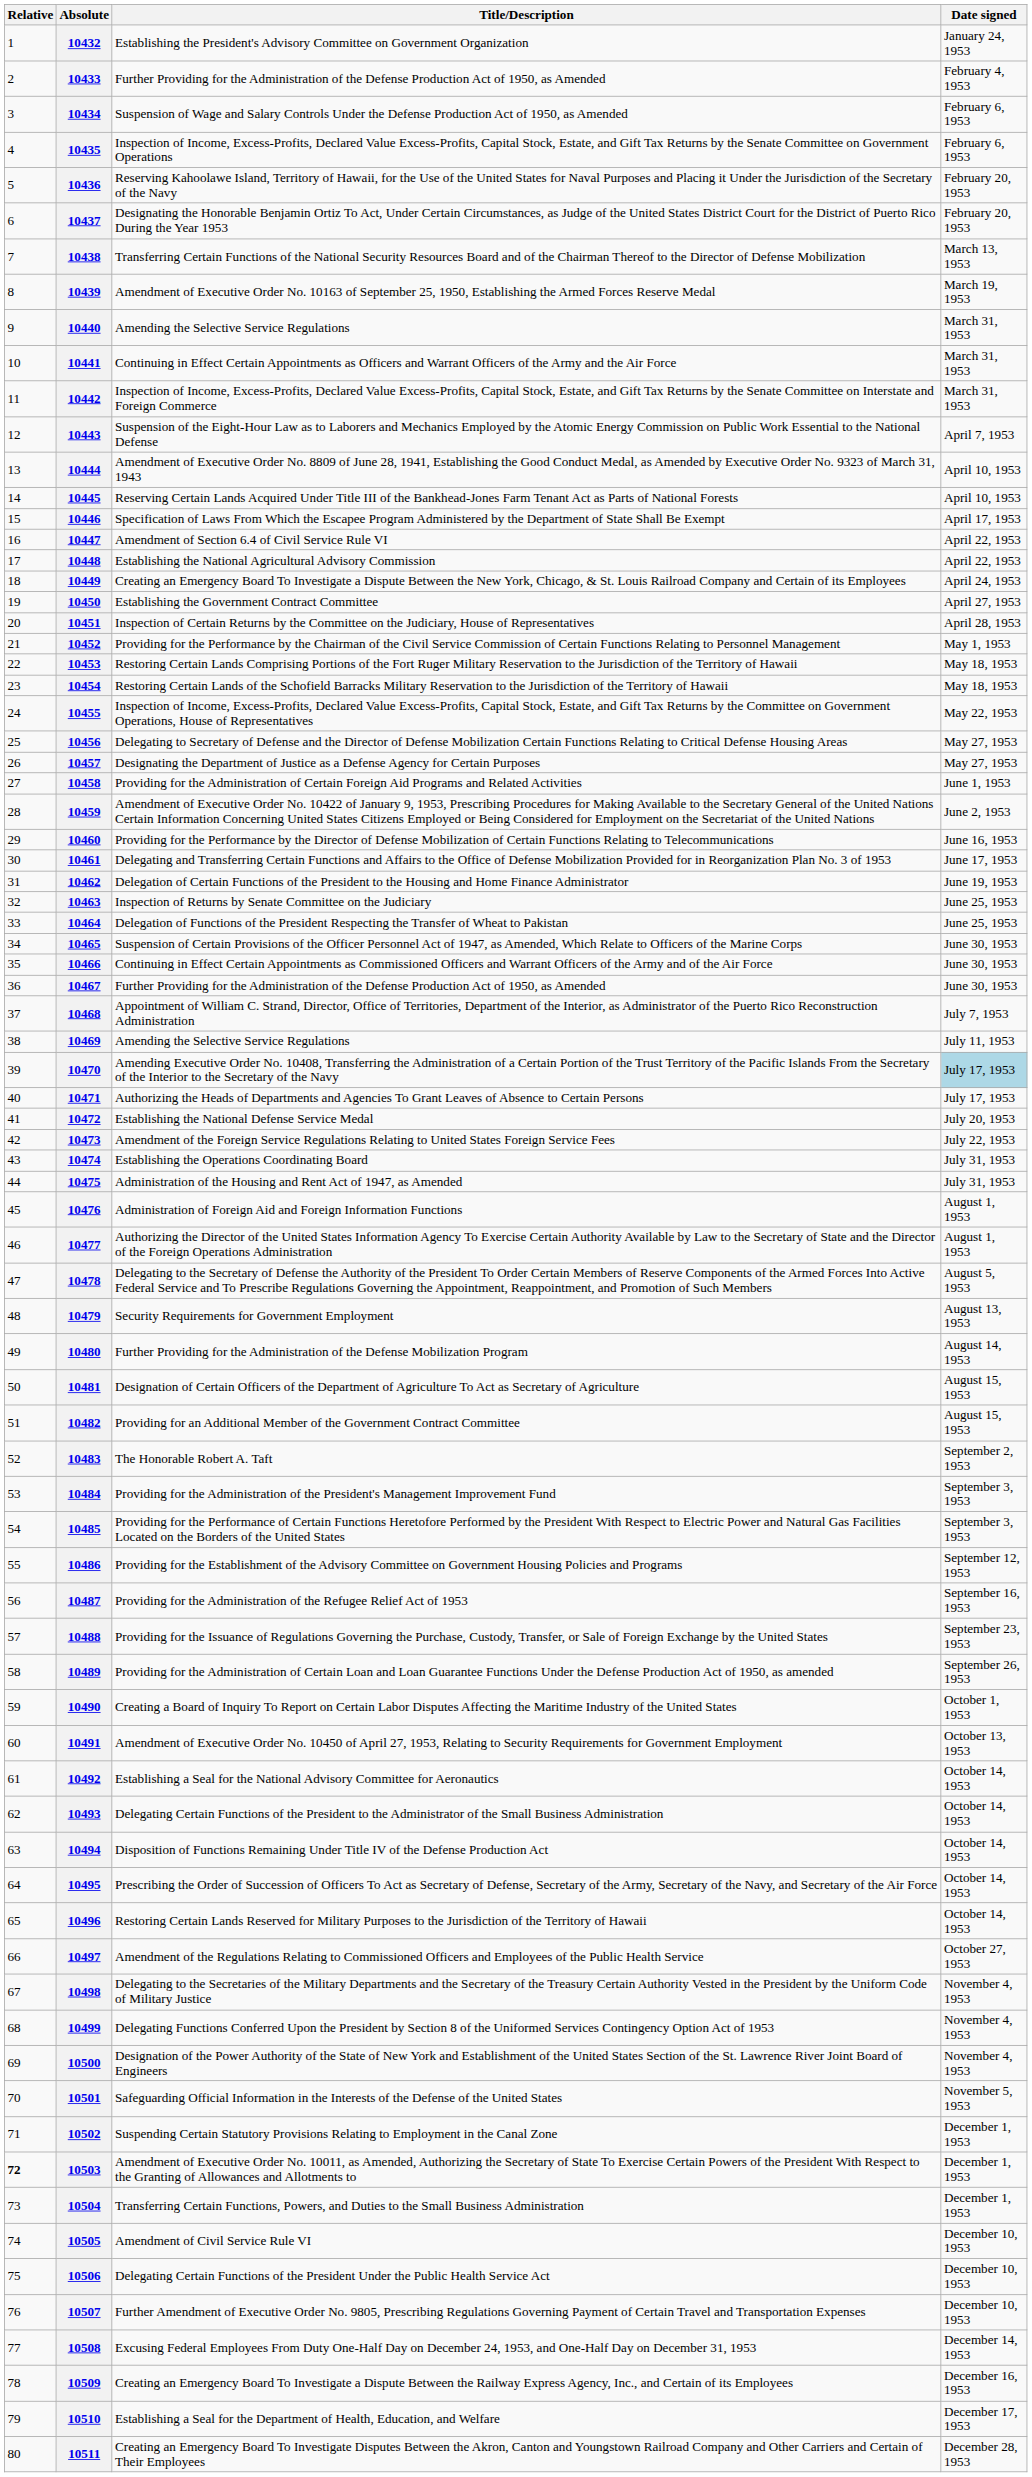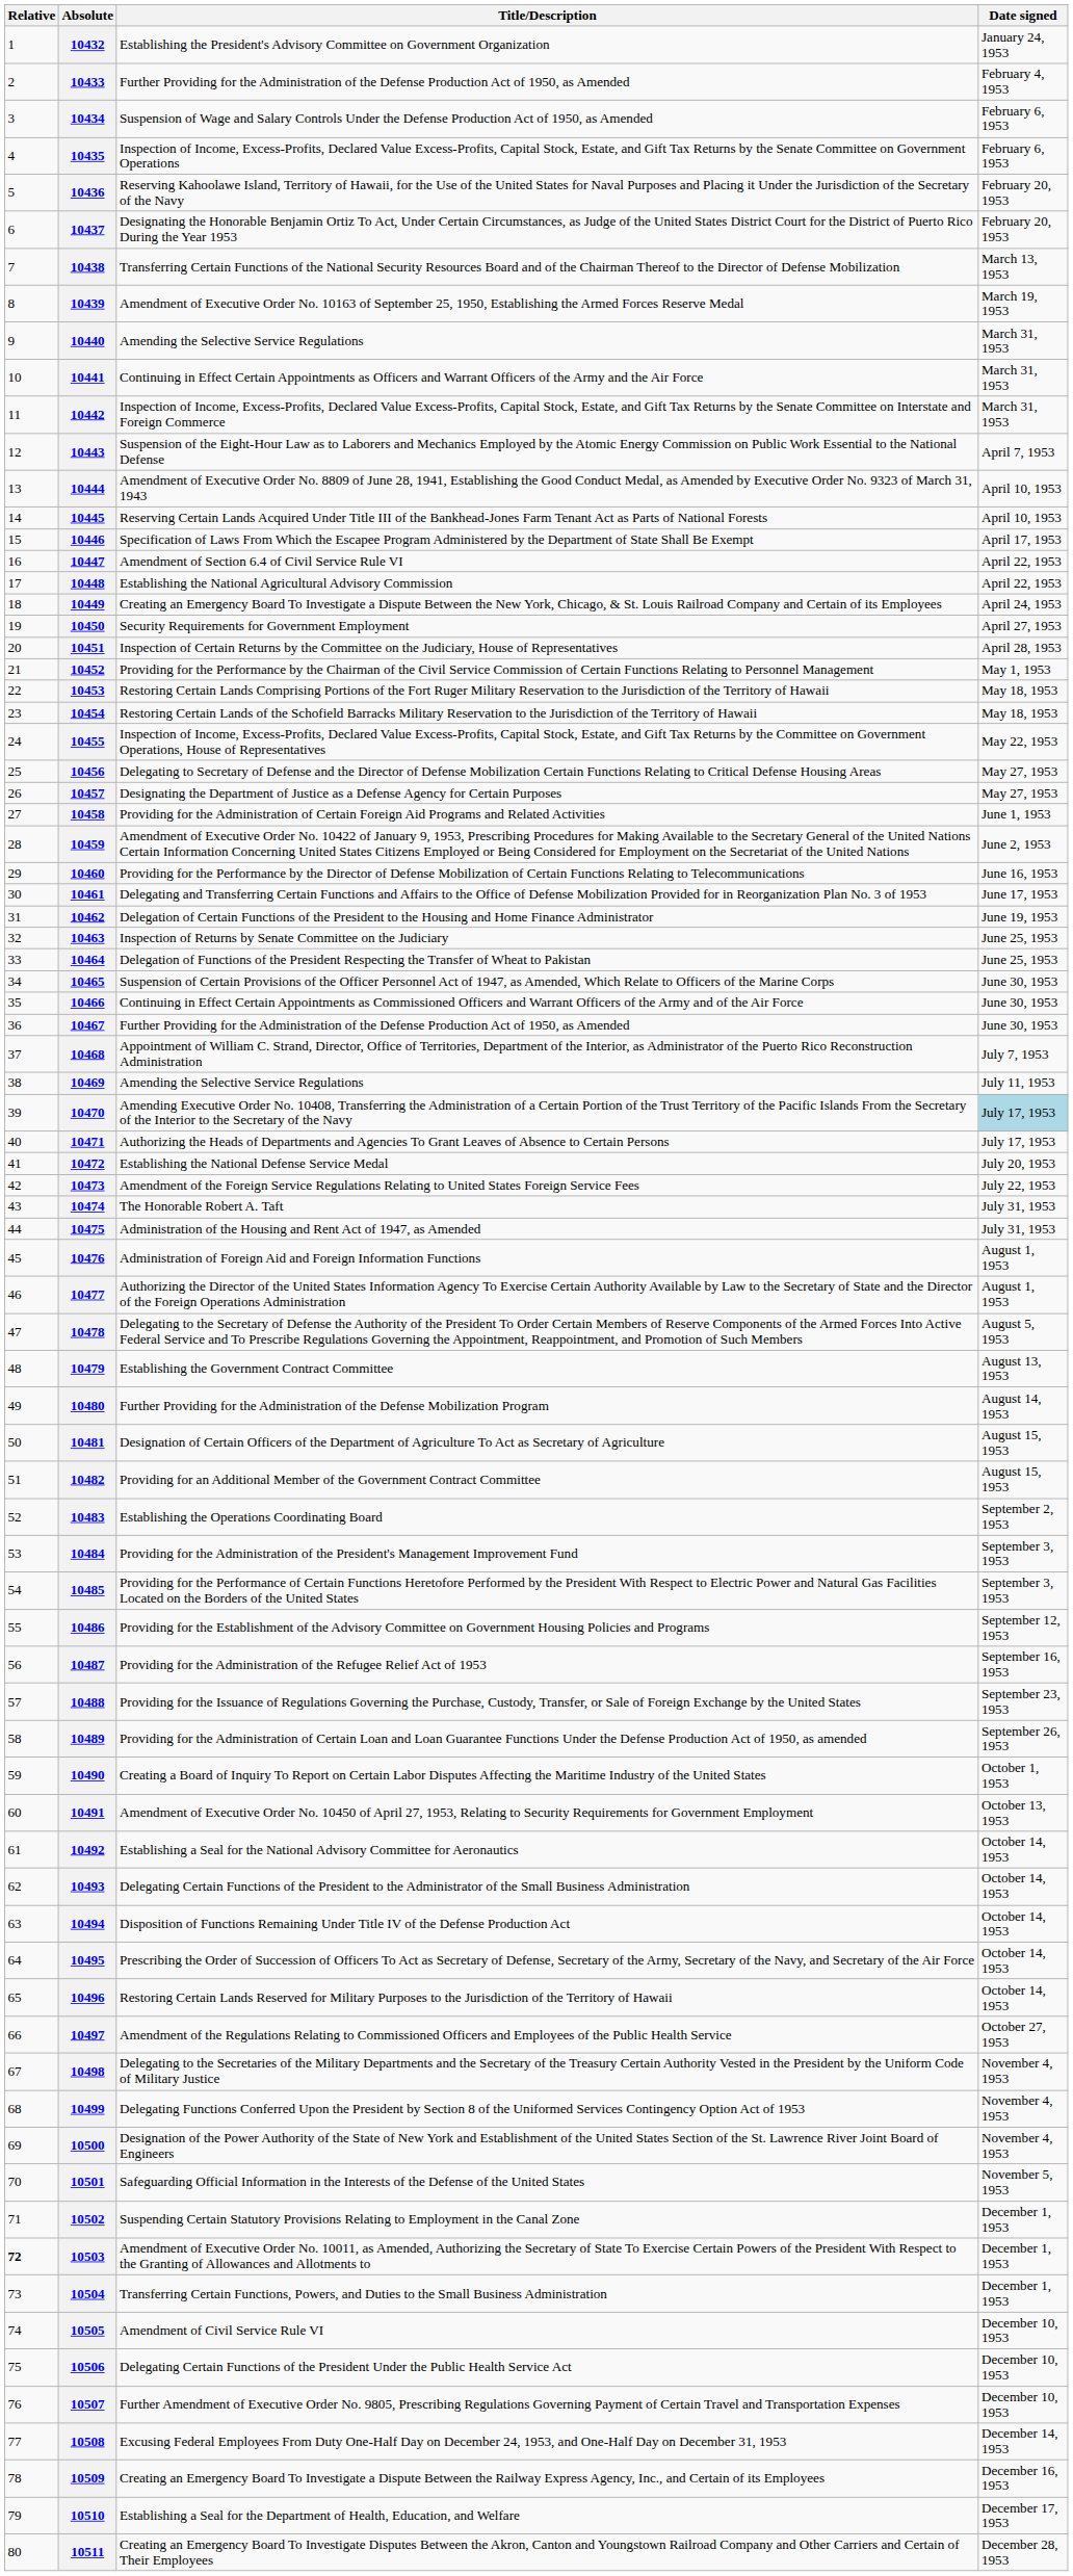 <table class="wikitable">
 <tr>
 <th>Relative </th>
 <th>Absolute </th>
 <th>Title/Description</th>
 <th>Date signed</th>
 </tr>
 <tr>
 <td>1</td>
 <th><a href='#'>10432</a></th>
 <td>Establishing the President's Advisory Committee on Government Organization</td>
 <td>January 24, 1953</td>
 </tr>
 <tr>
 <td>2</td>
 <th><a href='#'>10433</a></th>
 <td>Further Providing for the Administration of the Defense Production Act of 1950, as Amended</td>
 <td>February 4, 1953</td>
 </tr>
 <tr>
 <td>3</td>
 <th><a href='#'>10434</a></th>
 <td>Suspension of Wage and Salary Controls Under the Defense Production Act of 1950, as Amended</td>
 <td>February 6, 1953</td>
 </tr>
 <tr>
 <td>4</td>
 <th><a href='#'>10435</a></th>
 <td>Inspection of Income, Excess-Profits, Declared Value Excess-Profits, Capital Stock, Estate, and Gift Tax Returns by the Senate Committee on Government Operations</td>
 <td>February 6, 1953</td>
 </tr>
 <tr>
 <td>5</td>
 <th><a href='#'>10436</a></th>
 <td>Reserving Kahoolawe Island, Territory of Hawaii, for the Use of the United States for Naval Purposes and Placing it Under the Jurisdiction of the Secretary of the Navy</td>
 <td>February 20, 1953</td>
 </tr>
 <tr>
 <td>6</td>
 <th><a href='#'>10437</a></th>
 <td>Designating the Honorable Benjamin Ortiz To Act, Under Certain Circumstances, as Judge of the United States District Court for the District of Puerto Rico During the Year 1953</td>
 <td>February 20, 1953</td>
 </tr>
 <tr>
 <td>7</td>
 <th><a href='#'>10438</a></th>
 <td>Transferring Certain Functions of the National Security Resources Board and of the Chairman Thereof to the Director of Defense Mobilization</td>
 <td>March 13, 1953</td>
 </tr>
 <tr>
 <td>8</td>
 <th><a href='#'>10439</a></th>
 <td>Amendment of Executive Order No. 10163 of September 25, 1950, Establishing the Armed Forces Reserve Medal</td>
 <td>March 19, 1953</td>
 </tr>
 <tr>
 <td>9</td>
 <th><a href='#'>10440</a></th>
 <td>Amending the Selective Service Regulations</td>
 <td>March 31, 1953</td>
 </tr>
 <tr>
 <td>10</td>
 <th><a href='#'>10441</a></th>
 <td>Continuing in Effect Certain Appointments as Officers and Warrant Officers of the Army and the Air Force</td>
 <td>March 31, 1953</td>
 </tr>
 <tr>
 <td>11</td>
 <th><a href='#'>10442</a></th>
 <td>Inspection of Income, Excess-Profits, Declared Value Excess-Profits, Capital Stock, Estate, and Gift Tax Returns by the Senate Committee on Interstate and Foreign Commerce</td>
 <td>March 31, 1953</td>
 </tr>
 <tr>
 <td>12</td>
 <th><a href='#'>10443</a></th>
 <td>Suspension of the Eight-Hour Law as to Laborers and Mechanics Employed by the Atomic Energy Commission on Public Work Essential to the National Defense</td>
 <td>April 7, 1953</td>
 </tr>
 <tr>
 <td>13</td>
 <th><a href='#'>10444</a></th>
 <td>Amendment of Executive Order No. 8809 of June 28, 1941, Establishing the Good Conduct Medal, as Amended by Executive Order No. 9323 of March 31, 1943</td>
 <td>April 10, 1953</td>
 </tr>
 <tr>
 <td>14</td>
 <th><a href='#'>10445</a></th>
 <td>Reserving Certain Lands Acquired Under Title III of the Bankhead-Jones Farm Tenant Act as Parts of National Forests</td>
 <td>April 10, 1953</td>
 </tr>
 <tr>
 <td>15</td>
 <th><a href='#'>10446</a></th>
 <td>Specification of Laws From Which the Escapee Program Administered by the Department of State Shall Be Exempt</td>
 <td>April 17, 1953</td>
 </tr>
 <tr>
 <td>16</td>
 <th><a href='#'>10447</a></th>
 <td>Amendment of Section 6.4 of Civil Service Rule VI</td>
 <td>April 22, 1953</td>
 </tr>
 <tr>
 <td>17</td>
 <th><a href='#'>10448</a></th>
 <td>Establishing the National Agricultural Advisory Commission</td>
 <td>April 22, 1953</td>
 </tr>
 <tr>
 <td>18</td>
 <th><a href='#'>10449</a></th>
 <td>Creating an Emergency Board To Investigate a Dispute Between the New York, Chicago, & St. Louis Railroad Company and Certain of its Employees</td>
 <td>April 24, 1953</td>
 </tr>
 <tr>
 <td>19</td>
 <th><a href='#'>10450</a></th>
-<td>Establishing the Government Contract Committee</td>
+<td>Security Requirements for Government Employment</td>
 <td>April 27, 1953</td>
 </tr>
 <tr>
 <td>20</td>
 <th><a href='#'>10451</a></th>
 <td>Inspection of Certain Returns by the Committee on the Judiciary, House of Representatives</td>
 <td>April 28, 1953</td>
 </tr>
 <tr>
 <td>21</td>
 <th><a href='#'>10452</a></th>
 <td>Providing for the Performance by the Chairman of the Civil Service Commission of Certain Functions Relating to Personnel Management</td>
 <td>May 1, 1953</td>
 </tr>
 <tr>
 <td>22</td>
 <th><a href='#'>10453</a></th>
 <td>Restoring Certain Lands Comprising Portions of the Fort Ruger Military Reservation to the Jurisdiction of the Territory of Hawaii</td>
 <td>May 18, 1953</td>
 </tr>
 <tr>
 <td>23</td>
 <th><a href='#'>10454</a></th>
 <td>Restoring Certain Lands of the Schofield Barracks Military Reservation to the Jurisdiction of the Territory of Hawaii</td>
 <td>May 18, 1953</td>
 </tr>
 <tr>
 <td>24</td>
 <th><a href='#'>10455</a></th>
 <td>Inspection of Income, Excess-Profits, Declared Value Excess-Profits, Capital Stock, Estate, and Gift Tax Returns by the Committee on Government Operations, House of Representatives</td>
 <td>May 22, 1953</td>
 </tr>
 <tr>
 <td>25</td>
 <th><a href='#'>10456</a></th>
 <td>Delegating to Secretary of Defense and the Director of Defense Mobilization Certain Functions Relating to Critical Defense Housing Areas</td>
 <td>May 27, 1953</td>
 </tr>
 <tr>
 <td>26</td>
 <th><a href='#'>10457</a></th>
 <td>Designating the Department of Justice as a Defense Agency for Certain Purposes</td>
 <td>May 27, 1953</td>
 </tr>
 <tr>
 <td>27</td>
 <th><a href='#'>10458</a></th>
 <td>Providing for the Administration of Certain Foreign Aid Programs and Related Activities</td>
 <td>June 1, 1953</td>
 </tr>
 <tr>
 <td>28</td>
 <th><a href='#'>10459</a></th>
 <td>Amendment of Executive Order No. 10422 of January 9, 1953, Prescribing Procedures for Making Available to the Secretary General of the United Nations Certain Information Concerning United States Citizens Employed or Being Considered for Employment on the Secretariat of the United Nations</td>
 <td>June 2, 1953</td>
 </tr>
 <tr>
 <td>29</td>
 <th><a href='#'>10460</a></th>
 <td>Providing for the Performance by the Director of Defense Mobilization of Certain Functions Relating to Telecommunications</td>
 <td>June 16, 1953</td>
 </tr>
 <tr>
 <td>30</td>
 <th><a href='#'>10461</a></th>
 <td>Delegating and Transferring Certain Functions and Affairs to the Office of Defense Mobilization Provided for in Reorganization Plan No. 3 of 1953</td>
 <td>June 17, 1953</td>
 </tr>
 <tr>
 <td>31</td>
 <th><a href='#'>10462</a></th>
 <td>Delegation of Certain Functions of the President to the Housing and Home Finance Administrator</td>
 <td>June 19, 1953</td>
 </tr>
 <tr>
 <td>32</td>
 <th><a href='#'>10463</a></th>
 <td>Inspection of Returns by Senate Committee on the Judiciary</td>
 <td>June 25, 1953</td>
 </tr>
 <tr>
 <td>33</td>
 <th><a href='#'>10464</a></th>
 <td>Delegation of Functions of the President Respecting the Transfer of Wheat to Pakistan</td>
 <td>June 25, 1953</td>
 </tr>
 <tr>
 <td>34</td>
 <th><a href='#'>10465</a></th>
 <td>Suspension of Certain Provisions of the Officer Personnel Act of 1947, as Amended, Which Relate to Officers of the Marine Corps</td>
 <td>June 30, 1953</td>
 </tr>
 <tr>
 <td>35</td>
 <th><a href='#'>10466</a></th>
 <td>Continuing in Effect Certain Appointments as Commissioned Officers and Warrant Officers of the Army and of the Air Force</td>
 <td>June 30, 1953</td>
 </tr>
 <tr>
 <td>36</td>
 <th><a href='#'>10467</a></th>
 <td>Further Providing for the Administration of the Defense Production Act of 1950, as Amended</td>
 <td>June 30, 1953</td>
 </tr>
 <tr>
 <td>37</td>
 <th><a href='#'>10468</a></th>
 <td>Appointment of William C. Strand, Director, Office of Territories, Department of the Interior, as Administrator of the Puerto Rico Reconstruction Administration</td>
 <td>July 7, 1953</td>
 </tr>
 <tr>
 <td>38</td>
 <th><a href='#'>10469</a></th>
 <td>Amending the Selective Service Regulations</td>
 <td>July 11, 1953</td>
 </tr>
 <tr>
 <td>39</td>
 <th><a href='#'>10470</a></th>
 <td>Amending Executive Order No. 10408, Transferring the Administration of a Certain Portion of the Trust Territory of the Pacific Islands From the Secretary of the Interior to the Secretary of the Navy</td>
 <td style="background: lightblue;">July 17, 1953</td>
 </tr>
 <tr>
 <td>40</td>
 <th><a href='#'>10471</a></th>
 <td>Authorizing the Heads of Departments and Agencies To Grant Leaves of Absence to Certain Persons</td>
 <td>July 17, 1953</td>
 </tr>
 <tr>
 <td>41</td>
 <th><a href='#'>10472</a></th>
 <td>Establishing the National Defense Service Medal</td>
 <td>July 20, 1953</td>
 </tr>
 <tr>
 <td>42</td>
 <th><a href='#'>10473</a></th>
 <td>Amendment of the Foreign Service Regulations Relating to United States Foreign Service Fees</td>
 <td>July 22, 1953</td>
 </tr>
 <tr>
 <td>43</td>
 <th><a href='#'>10474</a></th>
-<td>Establishing the Operations Coordinating Board</td>
+<td>The Honorable Robert A. Taft</td>
 <td>July 31, 1953</td>
 </tr>
 <tr>
 <td>44</td>
 <th><a href='#'>10475</a></th>
 <td>Administration of the Housing and Rent Act of 1947, as Amended</td>
 <td>July 31, 1953</td>
 </tr>
 <tr>
 <td>45</td>
 <th><a href='#'>10476</a></th>
 <td>Administration of Foreign Aid and Foreign Information Functions</td>
 <td>August 1, 1953</td>
 </tr>
 <tr>
 <td>46</td>
 <th><a href='#'>10477</a></th>
 <td>Authorizing the Director of the United States Information Agency To Exercise Certain Authority Available by Law to the Secretary of State and the Director of the Foreign Operations Administration</td>
 <td>August 1, 1953</td>
 </tr>
 <tr>
 <td>47</td>
 <th><a href='#'>10478</a></th>
 <td>Delegating to the Secretary of Defense the Authority of the President To Order Certain Members of Reserve Components of the Armed Forces Into Active Federal Service and To Prescribe Regulations Governing the Appointment, Reappointment, and Promotion of Such Members</td>
 <td>August 5, 1953</td>
 </tr>
 <tr>
 <td>48</td>
 <th><a href='#'>10479</a></th>
-<td>Security Requirements for Government Employment</td>
+<td>Establishing the Government Contract Committee</td>
 <td>August 13, 1953</td>
 </tr>
 <tr>
 <td>49</td>
 <th><a href='#'>10480</a></th>
 <td>Further Providing for the Administration of the Defense Mobilization Program</td>
 <td>August 14, 1953</td>
 </tr>
 <tr>
 <td>50</td>
 <th><a href='#'>10481</a></th>
 <td>Designation of Certain Officers of the Department of Agriculture To Act as Secretary of Agriculture</td>
 <td>August 15, 1953</td>
 </tr>
 <tr>
 <td>51</td>
 <th><a href='#'>10482</a></th>
 <td>Providing for an Additional Member of the Government Contract Committee</td>
 <td>August 15, 1953</td>
 </tr>
 <tr>
 <td>52</td>
 <th><a href='#'>10483</a></th>
-<td>The Honorable Robert A. Taft</td>
+<td>Establishing the Operations Coordinating Board</td>
 <td>September 2, 1953</td>
 </tr>
 <tr>
 <td>53</td>
 <th><a href='#'>10484</a></th>
 <td>Providing for the Administration of the President's Management Improvement Fund</td>
 <td>September 3, 1953</td>
 </tr>
 <tr>
 <td>54</td>
 <th><a href='#'>10485</a></th>
 <td>Providing for the Performance of Certain Functions Heretofore Performed by the President With Respect to Electric Power and Natural Gas Facilities Located on the Borders of the United States</td>
 <td>September 3, 1953</td>
 </tr>
 <tr>
 <td>55</td>
 <th><a href='#'>10486</a></th>
 <td>Providing for the Establishment of the Advisory Committee on Government Housing Policies and Programs</td>
 <td>September 12, 1953</td>
 </tr>
 <tr>
 <td>56</td>
 <th><a href='#'>10487</a></th>
 <td>Providing for the Administration of the Refugee Relief Act of 1953</td>
 <td>September 16, 1953</td>
 </tr>
 <tr>
 <td>57</td>
 <th><a href='#'>10488</a></th>
 <td>Providing for the Issuance of Regulations Governing the Purchase, Custody, Transfer, or Sale of Foreign Exchange by the United States</td>
 <td>September 23, 1953</td>
 </tr>
 <tr>
 <td>58</td>
 <th><a href='#'>10489</a></th>
 <td>Providing for the Administration of Certain Loan and Loan Guarantee Functions Under the Defense Production Act of 1950, as amended</td>
 <td>September 26, 1953</td>
 </tr>
 <tr>
 <td>59</td>
 <th><a href='#'>10490</a></th>
 <td>Creating a Board of Inquiry To Report on Certain Labor Disputes Affecting the Maritime Industry of the United States</td>
 <td>October 1, 1953</td>
 </tr>
 <tr>
 <td>60</td>
 <th><a href='#'>10491</a></th>
 <td>Amendment of Executive Order No. 10450 of April 27, 1953, Relating to Security Requirements for Government Employment</td>
 <td>October 13, 1953</td>
 </tr>
 <tr>
 <td>61</td>
 <th><a href='#'>10492</a></th>
 <td>Establishing a Seal for the National Advisory Committee for Aeronautics</td>
 <td>October 14, 1953</td>
 </tr>
 <tr>
 <td>62</td>
 <th><a href='#'>10493</a></th>
 <td>Delegating Certain Functions of the President to the Administrator of the Small Business Administration</td>
 <td>October 14, 1953</td>
 </tr>
 <tr>
 <td>63</td>
 <th><a href='#'>10494</a></th>
 <td>Disposition of Functions Remaining Under Title IV of the Defense Production Act</td>
 <td>October 14, 1953</td>
 </tr>
 <tr>
 <td>64</td>
 <th><a href='#'>10495</a></th>
 <td>Prescribing the Order of Succession of Officers To Act as Secretary of Defense, Secretary of the Army, Secretary of the Navy, and Secretary of the Air Force</td>
 <td>October 14, 1953</td>
 </tr>
 <tr>
 <td>65</td>
 <th><a href='#'>10496</a></th>
 <td>Restoring Certain Lands Reserved for Military Purposes to the Jurisdiction of the Territory of Hawaii</td>
 <td>October 14, 1953</td>
 </tr>
 <tr>
 <td>66</td>
 <th><a href='#'>10497</a></th>
 <td>Amendment of the Regulations Relating to Commissioned Officers and Employees of the Public Health Service</td>
 <td>October 27, 1953</td>
 </tr>
 <tr>
 <td>67</td>
 <th><a href='#'>10498</a></th>
 <td>Delegating to the Secretaries of the Military Departments and the Secretary of the Treasury Certain Authority Vested in the President by the Uniform Code of Military Justice</td>
 <td>November 4, 1953</td>
 </tr>
 <tr>
 <td>68</td>
 <th><a href='#'>10499</a></th>
 <td>Delegating Functions Conferred Upon the President by Section 8 of the Uniformed Services Contingency Option Act of 1953</td>
 <td>November 4, 1953</td>
 </tr>
 <tr>
 <td>69</td>
 <th><a href='#'>10500</a></th>
 <td>Designation of the Power Authority of the State of New York and Establishment of the United States Section of the St. Lawrence River Joint Board of Engineers</td>
 <td>November 4, 1953</td>
 </tr>
 <tr>
 <td>70</td>
 <th><a href='#'>10501</a></th>
 <td>Safeguarding Official Information in the Interests of the Defense of the United States</td>
 <td>November 5, 1953</td>
 </tr>
 <tr>
 <td>71</td>
 <th><a href='#'>10502</a></th>
 <td>Suspending Certain Statutory Provisions Relating to Employment in the Canal Zone</td>
 <td>December 1, 1953</td>
 </tr>
 <tr>
 <td><strong>72</strong></td>
 <th><a href='#'>10503</a></th>
 <td>Amendment of Executive Order No. 10011, as Amended, Authorizing the Secretary of State To Exercise Certain Powers of the President With Respect to the Granting of Allowances and Allotments to</td>
 <td>December 1, 1953</td>
 </tr>
 <tr>
 <td>73</td>
 <th><a href='#'>10504</a></th>
 <td>Transferring Certain Functions, Powers, and Duties to the Small Business Administration</td>
 <td>December 1, 1953</td>
 </tr>
 <tr>
 <td>74</td>
 <th><a href='#'>10505</a></th>
 <td>Amendment of Civil Service Rule VI</td>
 <td>December 10, 1953</td>
 </tr>
 <tr>
 <td>75</td>
 <th><a href='#'>10506</a></th>
 <td>Delegating Certain Functions of the President Under the Public Health Service Act</td>
 <td>December 10, 1953</td>
 </tr>
 <tr>
 <td>76</td>
 <th><a href='#'>10507</a></th>
 <td>Further Amendment of Executive Order No. 9805, Prescribing Regulations Governing Payment of Certain Travel and Transportation Expenses</td>
 <td>December 10, 1953</td>
 </tr>
 <tr>
 <td>77</td>
 <th><a href='#'>10508</a></th>
 <td>Excusing Federal Employees From Duty One-Half Day on December 24, 1953, and One-Half Day on December 31, 1953</td>
 <td>December 14, 1953</td>
 </tr>
 <tr>
 <td>78</td>
 <th><a href='#'>10509</a></th>
 <td>Creating an Emergency Board To Investigate a Dispute Between the Railway Express Agency, Inc., and Certain of its Employees</td>
 <td>December 16, 1953</td>
 </tr>
 <tr>
 <td>79</td>
 <th><a href='#'>10510</a></th>
 <td>Establishing a Seal for the Department of Health, Education, and Welfare</td>
 <td>December 17, 1953</td>
 </tr>
 <tr>
 <td>80</td>
 <th><a href='#'>10511</a></th>
 <td>Creating an Emergency Board To Investigate Disputes Between the Akron, Canton and Youngstown Railroad Company and Other Carriers and Certain of Their Employees</td>
 <td>December 28, 1953</td>
 </tr>
 </table>
